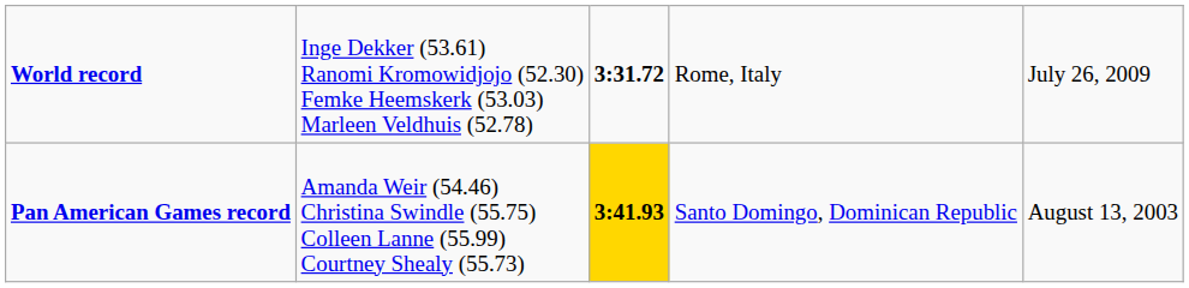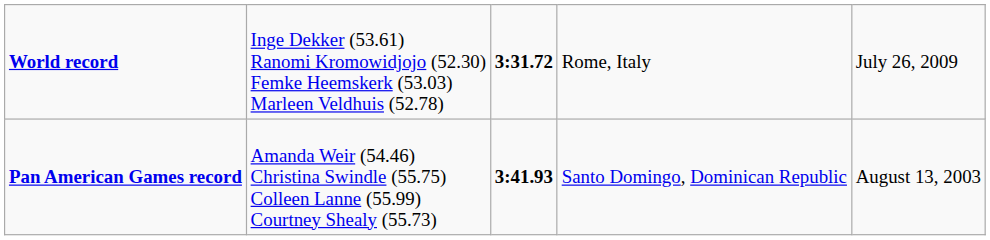 <table class="wikitable">
 <tr>
 <td><strong><a href='#'>World record</a></strong></td>
 <td><br><a href='#'>Inge Dekker</a> (53.61)<br><a href='#'>Ranomi Kromowidjojo</a> (52.30)<br><a href='#'>Femke Heemskerk</a> (53.03)<br><a href='#'>Marleen Veldhuis</a> (52.78)</td>
 <td><strong>3:31.72</strong></td>
 <td>Rome, Italy</td>
 <td>July 26, 2009</td>
 </tr>
 <tr>
 <td><strong><a href='#'>Pan American Games record</a></strong></td>
 <td><br><a href='#'>Amanda Weir</a> (54.46)<br><a href='#'>Christina Swindle</a> (55.75)<br><a href='#'>Colleen Lanne</a> (55.99)<br><a href='#'>Courtney Shealy</a> (55.73)</td>
-<td style="background: gold;"><strong>3:41.93</strong></td>
+<td><strong>3:41.93</strong></td>
 <td><a href='#'>Santo Domingo</a>, <a href='#'>Dominican Republic</a></td>
 <td>August 13, 2003</td>
 </tr>
 </table>
